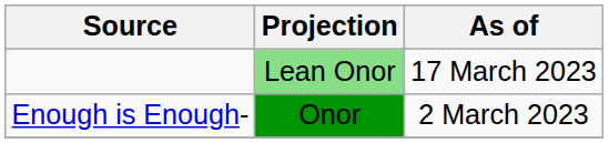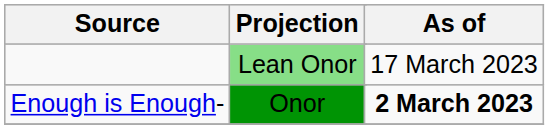 <table class="wikitable" style="text-align:center">
 <tr>
 <th>Source</th>
 <th colspan=2>Projection</th>
 <th>As of</th>
 </tr>
 <tr>
 <td align="left"></td>
 <td colspan=2 bgcolor=#87de87>Lean Onor</td>
 <td>17 March 2023</td>
 </tr>
 <tr>
 <td align="left"><a href='#'>Enough is Enough</a>-<br></td>
 <td colspan=2 bgcolor=#009404>Onor</td>
-<td>2 March 2023</td>
+<td><strong>2 March 2023</strong></td>
 </tr>
 <tr>
 </tr>
 </table>
